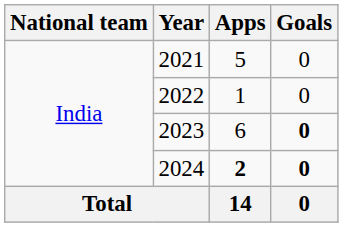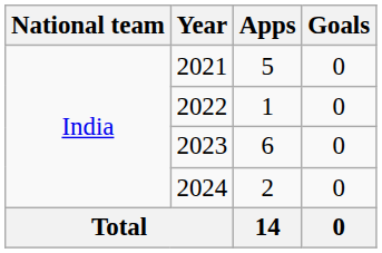 <table class="wikitable" style="text-align: center;">
 <tr>
 <th>National team</th>
 <th>Year</th>
 <th>Apps</th>
 <th>Goals</th>
 </tr>
 <tr>
 <td rowspan="4"><a href='#'>India</a></td>
 <td>2021</td>
 <td>5</td>
 <td>0</td>
 </tr>
 <tr>
 <td>2022</td>
 <td>1</td>
 <td>0</td>
 </tr>
 <tr>
 <td>2023</td>
 <td>6</td>
-<td><strong>0</strong></td>
+<td>0</td>
 </tr>
 <tr>
 <td>2024</td>
-<td><strong>2</strong></td>
-<td><strong>0</strong></td>
+<td>2</td>
+<td>0</td>
 </tr>
 <tr>
 <th colspan="2">Total</th>
 <th>14</th>
 <th>0</th>
 </tr>
 </table>
